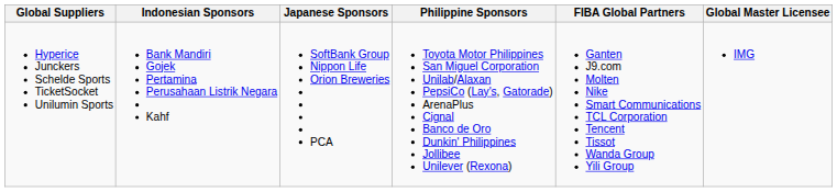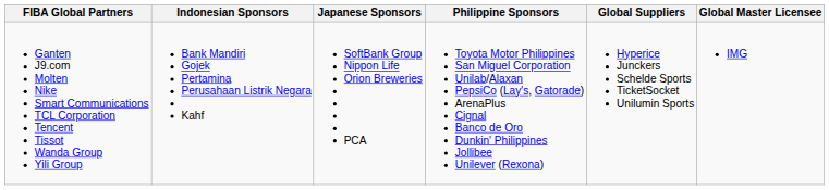 <table class="wikitable">
 <tr>
-<th>Global Suppliers</th>
+<th>FIBA Global Partners</th>
 <th>Indonesian Sponsors</th>
 <th>Japanese Sponsors</th>
 <th>Philippine Sponsors</th>
-<th>FIBA Global Partners</th>
+<th>Global Suppliers</th>
 <th>Global Master Licensee</th>
 </tr>
 <tr>
-<td style="vertical-align:top;"><br><ul><li><a href='#'>Hyperice</a></li><li>Junckers</li><li>Schelde Sports</li><li>TicketSocket</li><li>Unilumin Sports</li></ul></td>
+<td style="vertical-align:top;"><br><ul><li><a href='#'>Ganten</a></li><li>J9.com</li><li><a href='#'>Molten</a></li><li><a href='#'>Nike</a></li><li><a href='#'>Smart Communications</a></li><li><a href='#'>TCL Corporation</a></li><li><a href='#'>Tencent</a></li><li><a href='#'>Tissot</a></li><li><a href='#'>Wanda Group</a></li><li><a href='#'>Yili Group</a></li></ul></td>
 <td style="vertical-align:top;"><br><ul><li><a href='#'>Bank Mandiri</a></li><li><a href='#'>Gojek</a></li><li><a href='#'>Pertamina</a></li><li><a href='#'>Perusahaan Listrik Negara</a></li><li></li><li>Kahf</li></ul></td>
 <td style="vertical-align:top;"><br><ul><li><a href='#'>SoftBank Group</a></li><li><a href='#'>Nippon Life</a></li><li><a href='#'>Orion Breweries</a></li><li></li><li></li><li></li><li></li><li>PCA</li></ul></td>
 <td style="vertical-align:top;"><br><ul><li><a href='#'>Toyota Motor Philippines</a></li><li><a href='#'>San Miguel Corporation</a></li><li><a href='#'>Unilab</a>/<a href='#'>Alaxan</a></li><li><a href='#'>PepsiCo</a> (<a href='#'>Lay's</a>, <a href='#'>Gatorade</a>)</li><li>ArenaPlus</li><li><a href='#'>Cignal</a></li><li><a href='#'>Banco de Oro</a></li><li><a href='#'>Dunkin' Philippines</a></li><li><a href='#'>Jollibee</a></li><li><a href='#'>Unilever</a> (<a href='#'>Rexona</a>)</li></ul></td>
-<td style="vertical-align:top;"><br><ul><li><a href='#'>Ganten</a></li><li>J9.com</li><li><a href='#'>Molten</a></li><li><a href='#'>Nike</a></li><li><a href='#'>Smart Communications</a></li><li><a href='#'>TCL Corporation</a></li><li><a href='#'>Tencent</a></li><li><a href='#'>Tissot</a></li><li><a href='#'>Wanda Group</a></li><li><a href='#'>Yili Group</a></li></ul></td>
+<td style="vertical-align:top;"><br><ul><li><a href='#'>Hyperice</a></li><li>Junckers</li><li>Schelde Sports</li><li>TicketSocket</li><li>Unilumin Sports</li></ul></td>
 <td style="vertical-align:top;"><br><ul><li><a href='#'>IMG</a></li></ul></td>
 </tr>
 </table>
